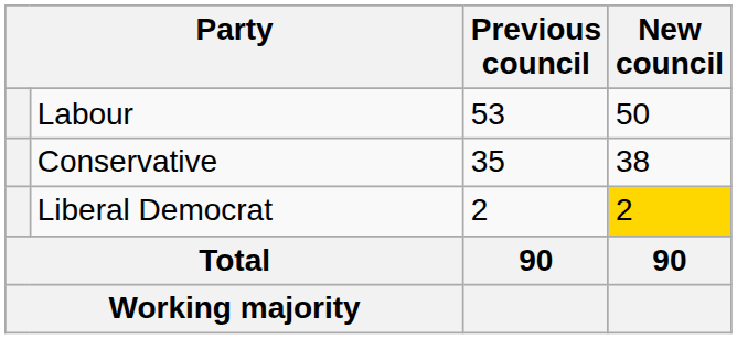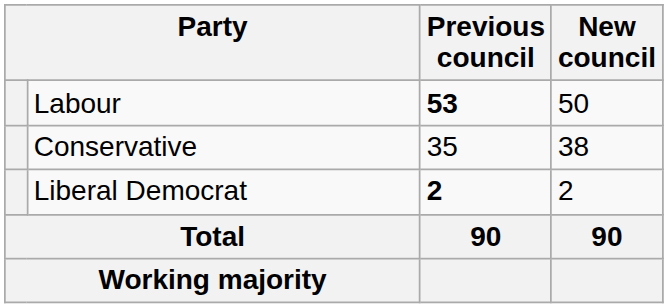 <table class="wikitable">
 <tr>
 <th valign=top colspan="2" style="width: 230px">Party</th>
 <th valign=top style="width: 30px">Previous council</th>
 <th valign=top style="width: 30px">New council</th>
 </tr>
 <tr>
 <th style="background-color: "></th>
 <td>Labour</td>
-<td>53</td>
+<td><strong>53</strong></td>
 <td>50</td>
 </tr>
 <tr>
 <th style="background-color: "></th>
 <td>Conservative</td>
 <td>35</td>
 <td>38</td>
 </tr>
 <tr>
 <th style="background-color: "></th>
 <td>Liberal Democrat</td>
+<td><strong>2</strong></td>
 <td>2</td>
-<td style="background: gold;">2</td>
 </tr>
 <tr>
 <th colspan=2>Total</th>
 <th style="text-align: center">90</th>
 <th colspan=3>90</th>
 </tr>
 <tr>
 <th colspan=2>Working majority</th>
 <th></th>
 <th></th>
 </tr>
 </table>
